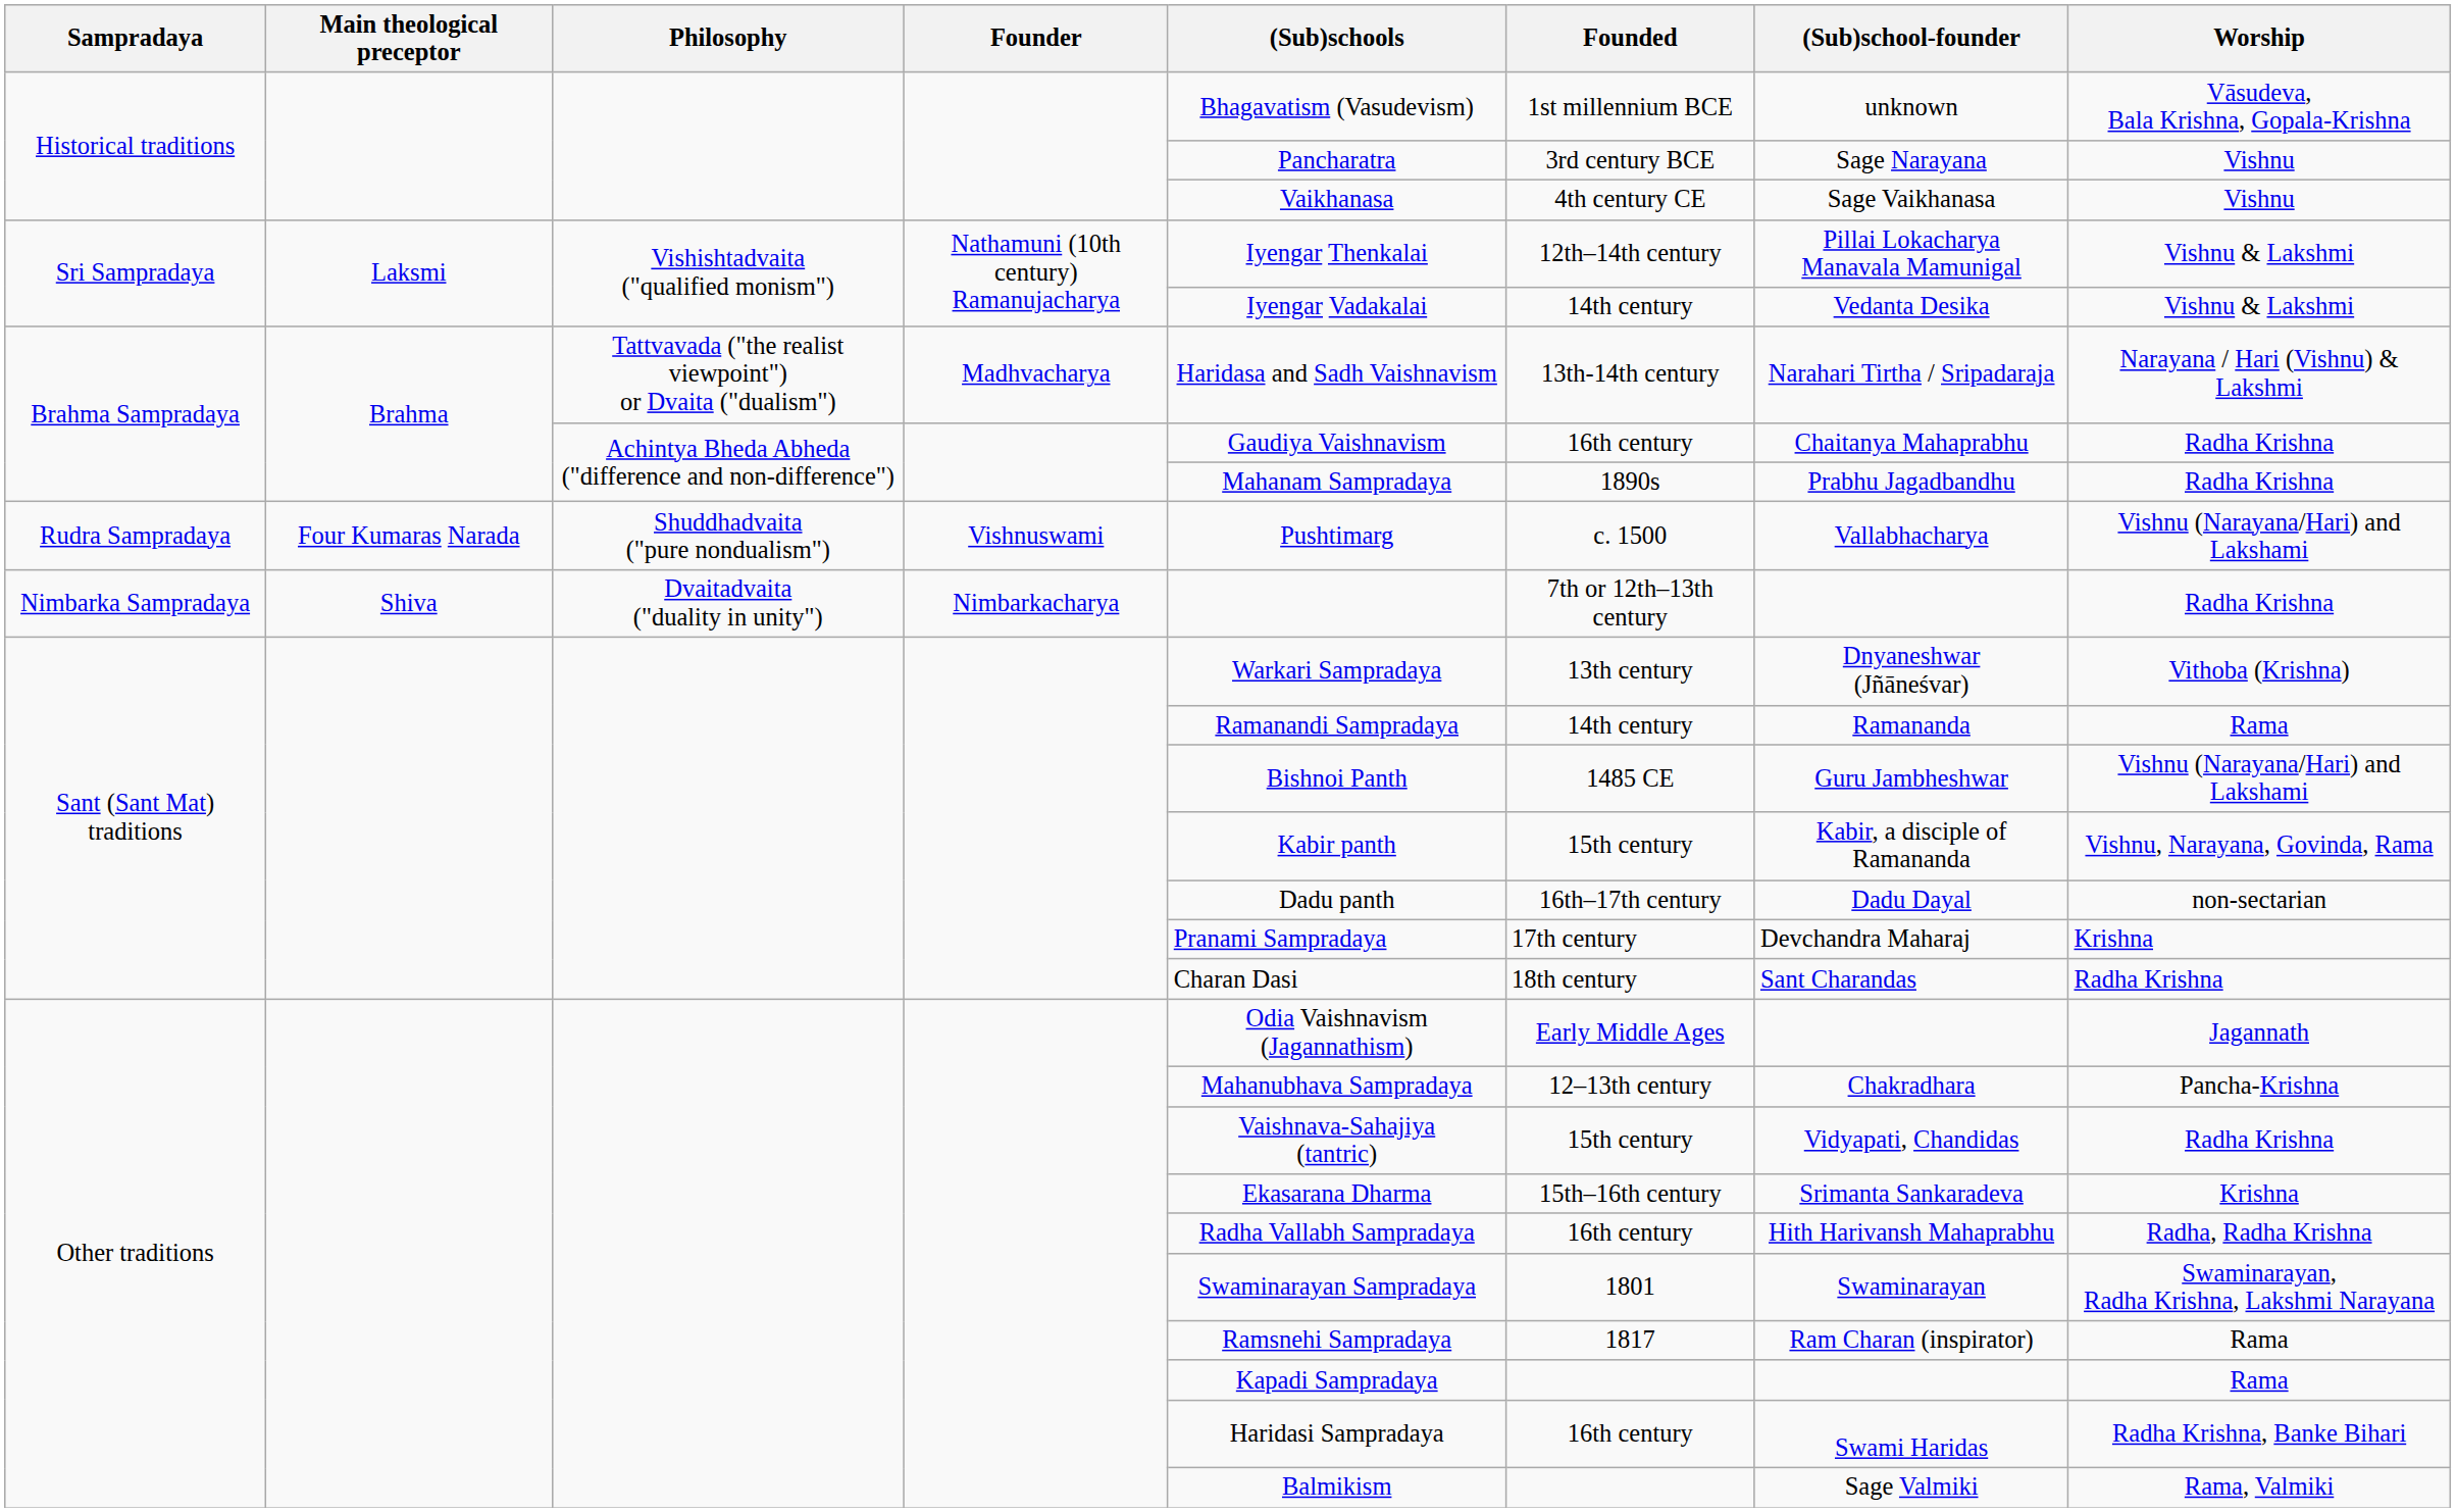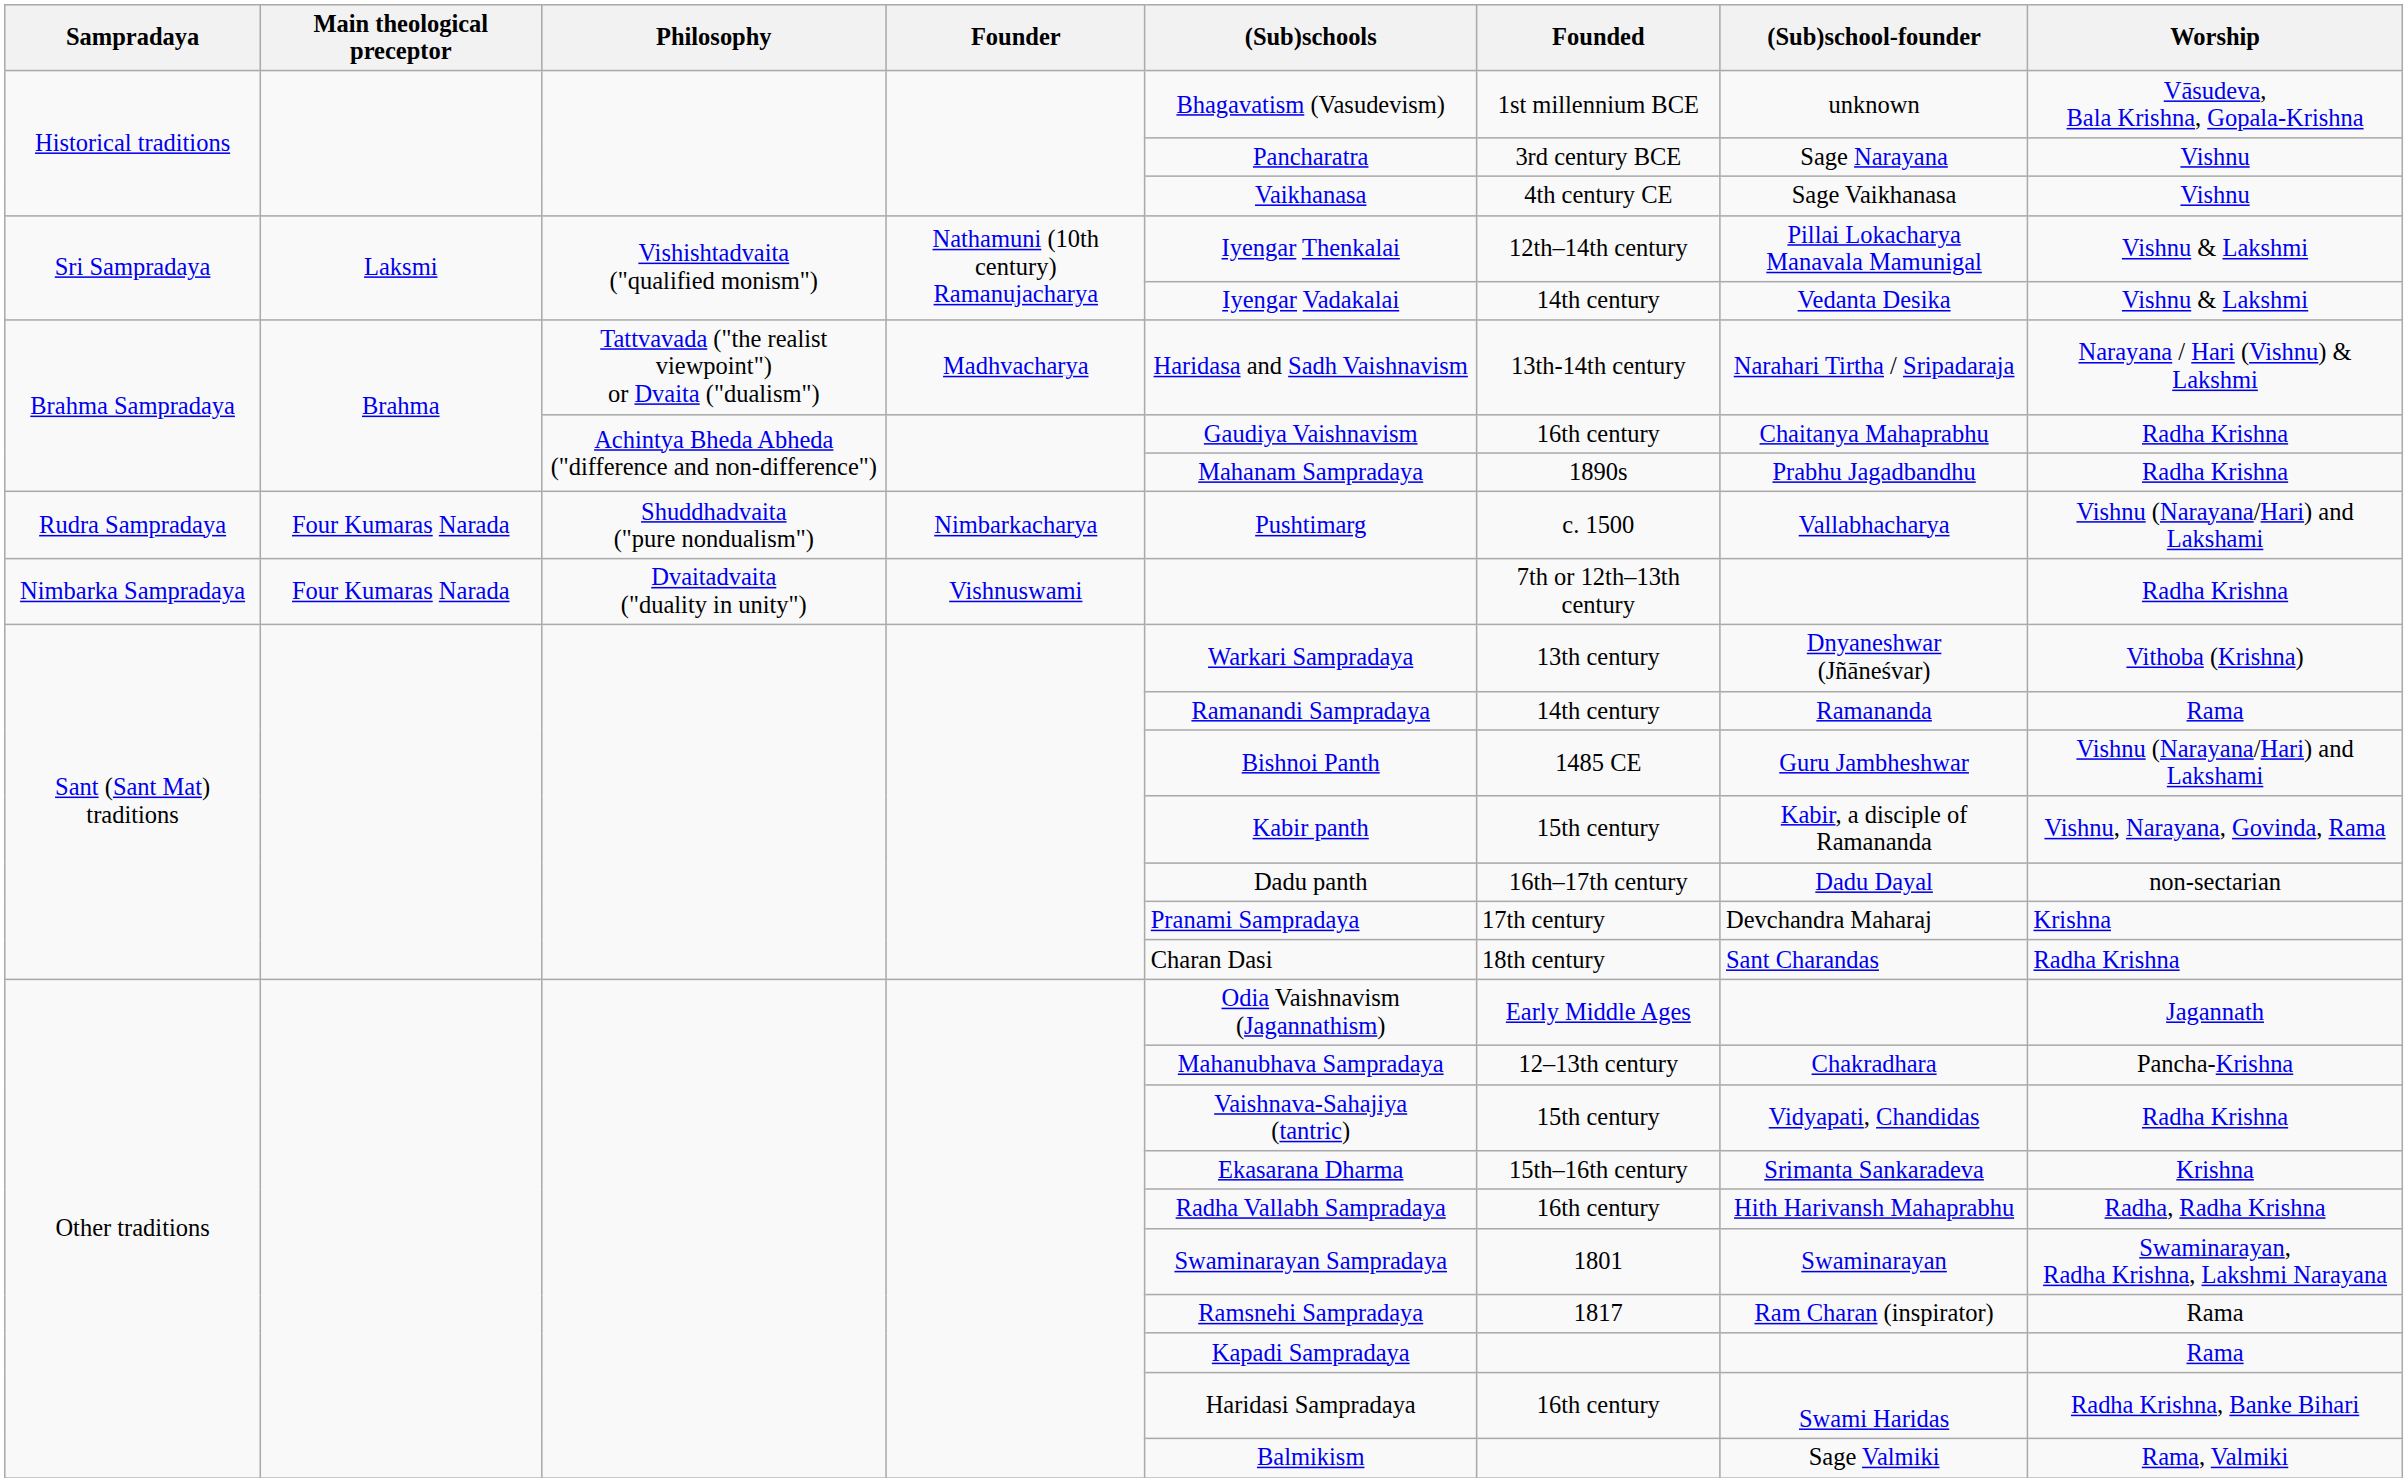 <table class="wikitable">
 <tr>
 <th>Sampradaya</th>
 <th>Main theological preceptor</th>
 <th>Philosophy</th>
 <th>Founder</th>
 <th>(Sub)schools</th>
 <th>Founded</th>
 <th>(Sub)school-founder</th>
 <th>Worship</th>
 </tr>
 <tr>
 <td rowspan=3 align=center><a href='#'>Historical traditions</a></td>
 <td rowspan=3 align=center></td>
 <td rowspan=3 align=center></td>
 <td rowspan=3 align=center></td>
 <td rowspan=1 align=center><a href='#'>Bhagavatism</a> (Vasudevism)</td>
 <td rowspan=1 align=center>1st millennium BCE</td>
 <td rowspan=1 align=center>unknown</td>
 <td rowspan=1 align=center><a href='#'>Vāsudeva</a>, <br><a href='#'>Bala Krishna</a>, <a href='#'>Gopala-Krishna</a></td>
 </tr>
 <tr>
 <td rowspan=1 align=center><a href='#'>Pancharatra</a></td>
 <td rowspan=1 align=center>3rd century BCE</td>
 <td rowspan=1 align=center>Sage <a href='#'>Narayana</a></td>
 <td rowspan=1 align=center><a href='#'>Vishnu</a></td>
 </tr>
 <tr>
 <td rowspan=1 align=center><a href='#'>Vaikhanasa</a></td>
 <td rowspan=1 align=center>4th century CE</td>
 <td rowspan=1 align=center>Sage Vaikhanasa</td>
 <td rowspan=1 align=center><a href='#'>Vishnu</a></td>
 </tr>
 <tr>
 <td rowspan=2 align=center><a href='#'>Sri Sampradaya</a><br></td>
 <td rowspan=2 align=center><a href='#'>Laksmi</a></td>
 <td rowspan=2 align=center><a href='#'>Vishishtadvaita</a><br>("qualified monism")</td>
 <td rowspan=2 align=center><a href='#'>Nathamuni</a> (10th century)<br><a href='#'>Ramanujacharya</a></td>
 <td rowspan=1 align=center><a href='#'>Iyengar</a> <a href='#'>Thenkalai</a></td>
 <td rowspan=1 align=center>12th–14th century</td>
 <td rowspan=1 align=center><a href='#'>Pillai Lokacharya</a><br><a href='#'>Manavala Mamunigal</a></td>
 <td rowspan=1 align=center><a href='#'>Vishnu</a> & <a href='#'>Lakshmi</a></td>
 </tr>
 <tr>
 <td rowspan=1 align=center><a href='#'>Iyengar</a> <a href='#'>Vadakalai</a></td>
 <td rowspan=1 align=center>14th century</td>
 <td rowspan=1 align=center><a href='#'>Vedanta Desika</a></td>
 <td rowspan=1 align=center><a href='#'>Vishnu</a> & <a href='#'>Lakshmi</a></td>
 </tr>
 <tr>
 <td rowspan=3 align=center><a href='#'>Brahma Sampradaya</a></td>
 <td rowspan=3 align=center><a href='#'>Brahma</a></td>
 <td rowspan=1 align=center><a href='#'>Tattvavada</a> ("the realist viewpoint")<br>or <a href='#'>Dvaita</a> ("dualism")</td>
 <td rowspan=1 align=center><a href='#'>Madhvacharya</a></td>
 <td rowspan=1 align=center><a href='#'>Haridasa</a> and <a href='#'>Sadh Vaishnavism</a></td>
 <td rowspan=1 align=center>13th-14th century</td>
 <td rowspan=1 align=center><a href='#'>Narahari Tirtha</a> / <a href='#'>Sripadaraja</a></td>
 <td rowspan=1 align=center><a href='#'>Narayana</a> / <a href='#'>Hari</a> (<a href='#'>Vishnu</a>) & <a href='#'>Lakshmi</a></td>
 </tr>
 <tr>
 <td rowspan=2 align=center><a href='#'>Achintya Bheda Abheda</a><br>("difference and non-difference")</td>
 <td rowspan=2 align=center></td>
 <td rowspan=1 align=center><a href='#'>Gaudiya Vaishnavism</a></td>
 <td rowspan=1 align=center>16th century</td>
 <td rowspan=1 align=center><a href='#'>Chaitanya Mahaprabhu</a></td>
 <td rowspan=1 align=center><a href='#'>Radha Krishna</a></td>
 </tr>
 <tr>
 <td rowspan=1 align=center><a href='#'>Mahanam Sampradaya</a></td>
 <td rowspan=1 align=center>1890s</td>
 <td rowspan=1 align=center><a href='#'>Prabhu Jagadbandhu</a></td>
 <td rowspan=1 align=center><a href='#'>Radha Krishna</a></td>
 </tr>
 <tr>
 <td align="center"><a href='#'>Rudra Sampradaya</a></td>
 <td rowspan=1 align=center><a href='#'>Four Kumaras</a> <a href='#'>Narada</a></td>
 <td align="center"><a href='#'>Shuddhadvaita</a><br>("pure nondualism")</td>
-<td align="center"><a href='#'>Vishnuswami</a></td>
+<td rowspan=1 align=center><a href='#'>Nimbarkacharya</a></td>
 <td rowspan=1 align=center><a href='#'>Pushtimarg</a></td>
 <td rowspan=1 align=center>c. 1500</td>
 <td rowspan=1 align=center><a href='#'>Vallabhacharya</a></td>
 <td rowspan=1 align=center><a href='#'>Vishnu</a> (<a href='#'>Narayana</a>/<a href='#'>Hari</a>) and <a href='#'>Lakshami</a></td>
 </tr>
 <tr>
 <td rowspan=1 align=center><a href='#'>Nimbarka Sampradaya</a><br></td>
-<td align="center"><a href='#'>Shiva</a></td>
+<td rowspan=1 align=center><a href='#'>Four Kumaras</a> <a href='#'>Narada</a></td>
 <td rowspan=1 align=center><a href='#'>Dvaitadvaita</a><br>("duality in unity")</td>
-<td rowspan=1 align=center><a href='#'>Nimbarkacharya</a></td>
+<td align="center"><a href='#'>Vishnuswami</a></td>
 <td rowspan=1 align=center></td>
 <td rowspan=1 align=center>7th or 12th–13th century</td>
 <td rowspan=1 align=center></td>
 <td rowspan=1 align=center><a href='#'>Radha Krishna</a></td>
 </tr>
 <tr>
 <td rowspan="7" align="center"><a href='#'>Sant</a> (<a href='#'>Sant Mat</a>) traditions</td>
 <td rowspan="7" align="center"></td>
 <td rowspan="7" align="center"></td>
 <td rowspan="7" align="center"></td>
 <td rowspan=1 align=center><a href='#'>Warkari Sampradaya</a></td>
 <td rowspan=1 align=center>13th century</td>
 <td rowspan=1 align=center><a href='#'>Dnyaneshwar</a><br>(Jñāneśvar)</td>
 <td rowspan=1 align=center><a href='#'>Vithoba</a> (<a href='#'>Krishna</a>)</td>
 </tr>
 <tr>
 <td rowspan=1 align=center><a href='#'>Ramanandi Sampradaya</a></td>
 <td rowspan=1 align=center>14th century</td>
 <td rowspan=1 align=center><a href='#'>Ramananda</a></td>
 <td rowspan=1 align=center><a href='#'>Rama</a></td>
 </tr>
 <tr>
 <td rowspan=1 align=center><a href='#'>Bishnoi Panth</a></td>
 <td rowspan=1 align=center>1485 CE</td>
 <td rowspan=1 align=center><a href='#'>Guru Jambheshwar</a></td>
 <td rowspan=1 align=center><a href='#'>Vishnu</a> (<a href='#'>Narayana</a>/<a href='#'>Hari</a>) and <a href='#'>Lakshami</a></td>
 </tr>
 <tr>
 <td rowspan=1 align=center><a href='#'>Kabir panth</a></td>
 <td rowspan=1 align=center>15th century</td>
 <td rowspan=1 align=center><a href='#'>Kabir</a>, a disciple of Ramananda</td>
 <td rowspan=1 align=center><a href='#'>Vishnu</a>, <a href='#'>Narayana</a>, <a href='#'>Govinda</a>, <a href='#'>Rama</a></td>
 </tr>
 <tr>
 <td rowspan=1 align=center>Dadu panth</td>
 <td rowspan=1 align=center>16th–17th century</td>
 <td rowspan=1 align=center><a href='#'>Dadu Dayal</a></td>
 <td rowspan=1 align=center>non-sectarian</td>
 </tr>
 <tr>
 <td rowspan="1"><a href='#'>Pranami Sampradaya</a></td>
 <td rowspan="1">17th century</td>
 <td rowspan="1">Devchandra Maharaj</td>
 <td rowspan="1"><a href='#'>Krishna</a></td>
 </tr>
 <tr>
 <td rowspan="1">Charan Dasi</td>
 <td rowspan="1">18th century</td>
 <td rowspan="1"><a href='#'>Sant Charandas</a></td>
 <td rowspan="1"><a href='#'>Radha Krishna</a></td>
 </tr>
 <tr>
 <td rowspan="10" align="center">Other traditions</td>
 <td rowspan="10" align="center"></td>
 <td rowspan="10" align="center"></td>
 <td rowspan="10" align="center"></td>
 <td rowspan="1" align="center"><a href='#'>Odia</a> Vaishnavism (<a href='#'>Jagannathism</a>)</td>
 <td rowspan="1" align="center"><a href='#'>Early Middle Ages</a></td>
 <td rowspan="1" align="center"></td>
 <td rowspan="1" align="center"><a href='#'>Jagannath</a></td>
 </tr>
 <tr>
 <td rowspan=1 align=center><a href='#'>Mahanubhava Sampradaya</a></td>
 <td rowspan=1 align=center>12–13th century</td>
 <td rowspan=1 align=center><a href='#'>Chakradhara</a></td>
 <td rowspan=1 align=center>Pancha-<a href='#'>Krishna</a></td>
 </tr>
 <tr>
 <td rowspan=1 align=center><a href='#'>Vaishnava-Sahajiya</a><br>(<a href='#'>tantric</a>)</td>
 <td rowspan=1 align=center>15th century</td>
 <td rowspan=1 align=center><a href='#'>Vidyapati</a>, <a href='#'>Chandidas</a></td>
 <td rowspan=1 align=center><a href='#'>Radha Krishna</a></td>
 </tr>
 <tr>
 <td rowspan=1 align=center><a href='#'>Ekasarana Dharma</a></td>
 <td rowspan=1 align=center>15th–16th century</td>
 <td rowspan=1 align=center><a href='#'>Srimanta Sankaradeva</a></td>
 <td rowspan=1 align=center><a href='#'>Krishna</a></td>
 </tr>
 <tr>
 <td rowspan=1 align=center><a href='#'>Radha Vallabh Sampradaya</a></td>
 <td rowspan=1 align=center>16th century</td>
 <td rowspan=1 align=center><a href='#'>Hith Harivansh Mahaprabhu</a></td>
 <td rowspan=1 align=center><a href='#'>Radha</a>, <a href='#'>Radha Krishna</a></td>
 </tr>
 <tr>
 <td rowspan=1 align=center><a href='#'>Swaminarayan Sampradaya</a></td>
 <td rowspan=1 align=center>1801</td>
 <td rowspan=1 align=center><a href='#'>Swaminarayan</a></td>
 <td rowspan=1 align=center><a href='#'>Swaminarayan</a>,<br><a href='#'>Radha Krishna</a>, <a href='#'>Lakshmi Narayana</a></td>
 </tr>
 <tr>
 <td rowspan=1 align=center><a href='#'>Ramsnehi Sampradaya</a></td>
 <td rowspan=1 align=center>1817</td>
 <td rowspan=1 align=center><a href='#'>Ram Charan</a> (inspirator)</td>
 <td rowspan=1 align=center>Rama</td>
 </tr>
 <tr>
 <td rowspan=1 align=center><a href='#'>Kapadi Sampradaya</a></td>
 <td rowspan=1 align=center></td>
 <td rowspan=1 align=center></td>
 <td rowspan=1 align=center><a href='#'>Rama</a></td>
 </tr>
 <tr>
 <td rowspan=1 align=center>Haridasi Sampradaya</td>
 <td rowspan=1 align=center>16th century</td>
 <td rowspan=1 align=center><br><a href='#'>Swami Haridas</a></td>
 <td rowspan=1 align=center><a href='#'>Radha Krishna</a>, <a href='#'>Banke Bihari</a></td>
 </tr>
 <tr>
 <td rowspan=1 align=center><a href='#'>Balmikism</a></td>
 <td rowspan=1 align=center></td>
 <td rowspan=1 align=center>Sage <a href='#'>Valmiki</a></td>
 <td rowspan=1 align=center><a href='#'>Rama</a>, <a href='#'>Valmiki</a></td>
 </tr>
 </table>
